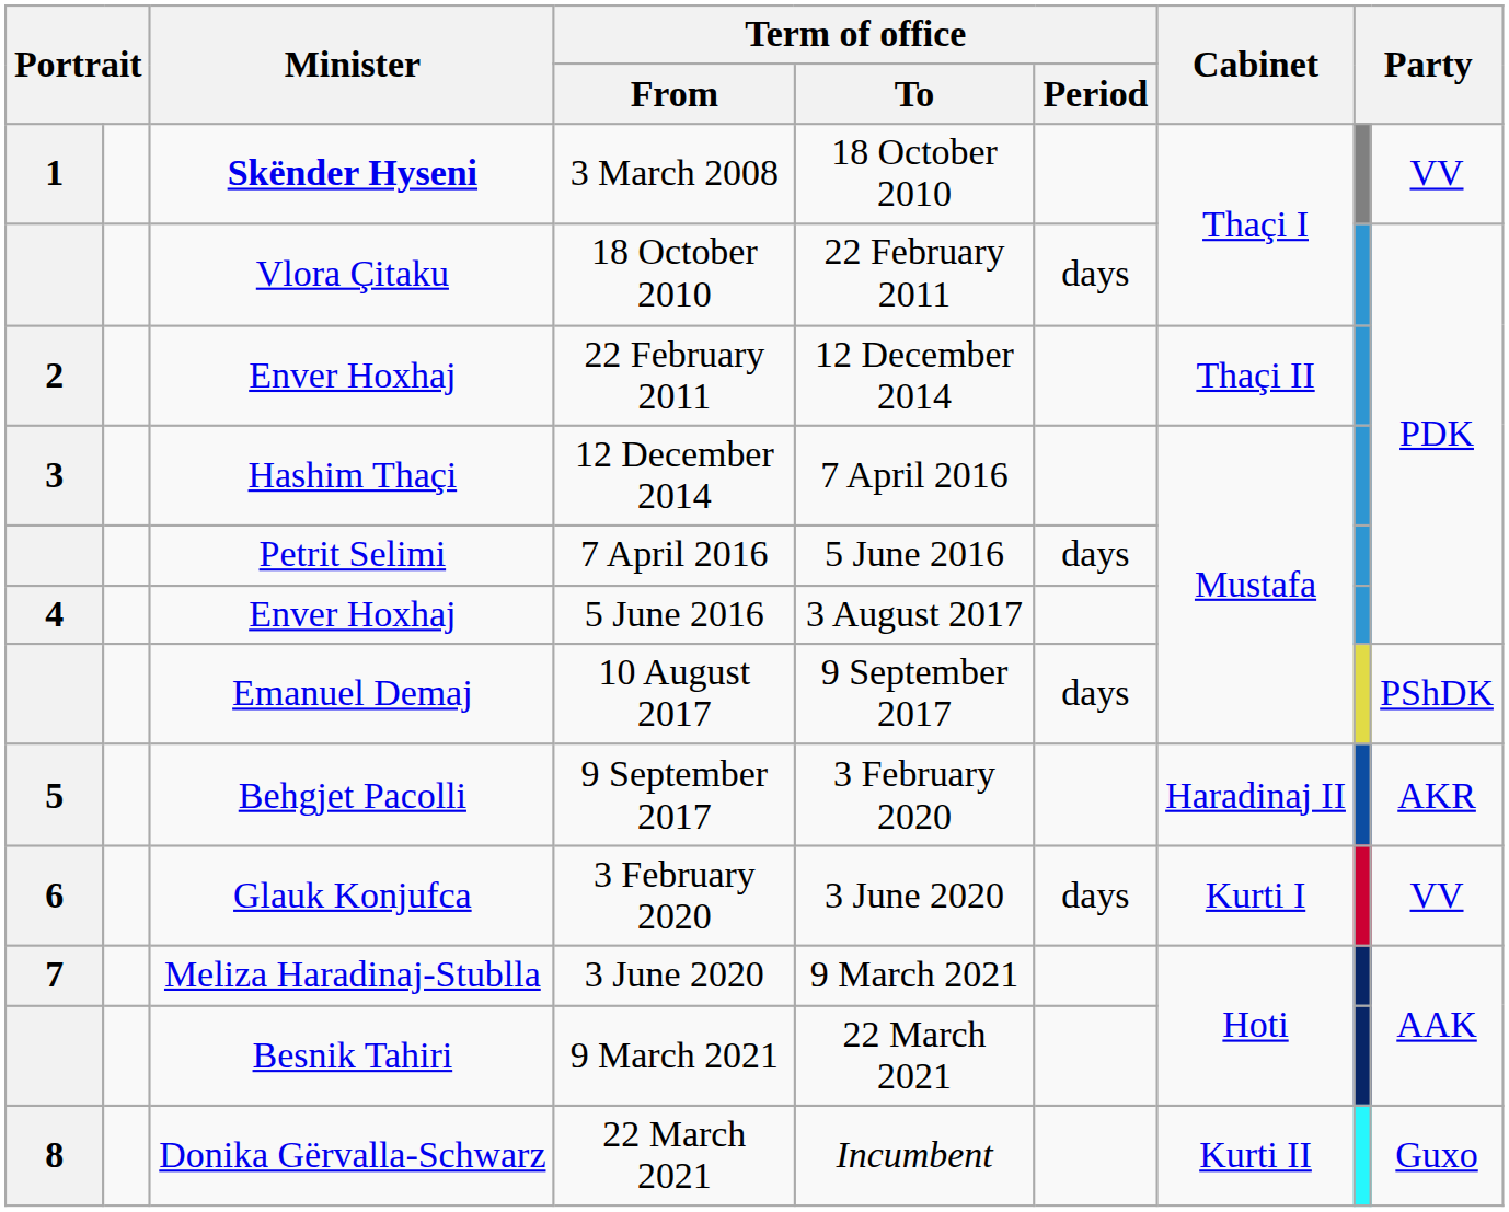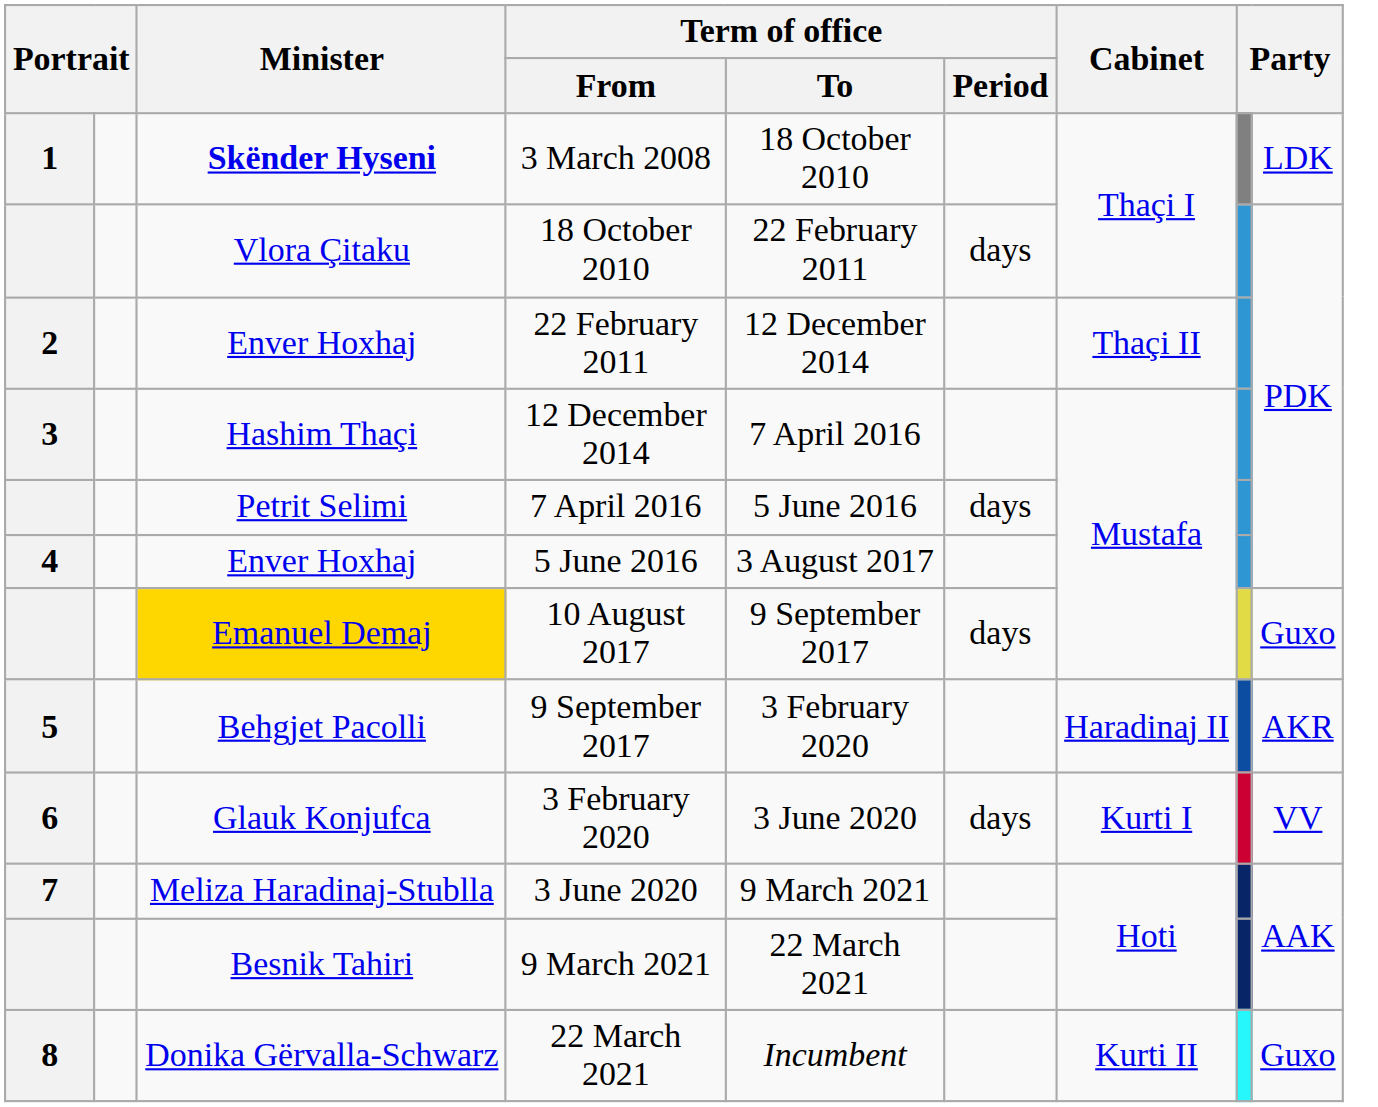 <table class="wikitable" style="text-align:center">
 <tr>
 <th rowspan="2" colspan="2">Portrait</th>
 <th rowspan="2">Minister</th>
 <th colspan="3">Term of office</th>
 <th rowspan="2" colspan="1">Cabinet</th>
 <th rowspan="2" colspan="2">Party</th>
 </tr>
 <tr>
 <th style="width:6em">From</th>
 <th style="width:6em">To</th>
 <th>Period</th>
 </tr>
 <tr>
 <th rowspan="1">1</th>
 <td></td>
 <td><strong><a href='#'>Skënder Hyseni</a></strong></td>
 <td>3 March 2008</td>
 <td>18 October 2010</td>
 <td></td>
 <td rowspan="2"><a href='#'>Thaçi I</a></td>
 <td style="background-color:Grey; color:white;"></td>
-<td><a href='#'>VV</a></td>
+<td><a href='#'>LDK</a></td>
 </tr>
 <tr>
 <th rowspan="1"></th>
 <td></td>
 <td><a href='#'>Vlora Çitaku</a></td>
 <td>18 October 2010</td>
 <td>22 February 2011</td>
 <td> days</td>
 <td style="background:#2e96d2"></td>
 <td rowspan="5"><a href='#'>PDK</a></td>
 </tr>
 <tr>
 <th rowspan="1">2</th>
 <td></td>
 <td><a href='#'>Enver Hoxhaj</a></td>
 <td>22 February 2011</td>
 <td>12 December 2014</td>
 <td></td>
 <td><a href='#'>Thaçi II</a></td>
 <td style="background:#2e96d2"></td>
 </tr>
 <tr>
 <th rowspan="1">3</th>
 <td></td>
 <td><a href='#'>Hashim Thaçi</a></td>
 <td>12 December 2014</td>
 <td>7 April 2016</td>
 <td></td>
 <td rowspan="4"><a href='#'>Mustafa</a></td>
 <td style="background:#2e96d2"></td>
 </tr>
 <tr>
 <th rowspan="1"></th>
 <td></td>
 <td><a href='#'>Petrit Selimi</a></td>
 <td>7 April 2016</td>
 <td>5 June  2016</td>
 <td> days</td>
 <td style="background:#2e96d2"></td>
 </tr>
 <tr>
 <th rowspan="1">4</th>
 <td></td>
 <td><a href='#'>Enver Hoxhaj</a></td>
 <td>5 June  2016</td>
 <td>3 August 2017</td>
 <td></td>
 <td style="background:#2e96d2"></td>
 </tr>
 <tr>
 <th rowspan="1"></th>
 <td></td>
-<td><a href='#'>Emanuel Demaj</a></td>
+<td style="background: gold;"><a href='#'>Emanuel Demaj</a></td>
 <td>10 August 2017</td>
 <td>9 September 2017</td>
 <td> days</td>
 <td style="background:#e1db46"></td>
-<td><a href='#'>PShDK</a></td>
+<td><a href='#'>Guxo</a></td>
 </tr>
 <tr>
 <th rowspan="1">5</th>
 <td></td>
 <td><a href='#'>Behgjet Pacolli</a></td>
 <td>9 September  2017</td>
 <td>3 February 2020</td>
 <td></td>
 <td><a href='#'>Haradinaj II</a></td>
 <td style="background:#0c4da2"></td>
 <td><a href='#'>AKR</a></td>
 </tr>
 <tr>
 <th rowspan="1">6</th>
 <td></td>
 <td><a href='#'>Glauk Konjufca</a></td>
 <td>3 February 2020</td>
 <td>3 June 2020</td>
 <td> days</td>
 <td><a href='#'>Kurti I</a></td>
 <td style="background:#CC0033"></td>
 <td><a href='#'>VV</a></td>
 </tr>
 <tr>
 <th rowspan="1">7</th>
 <td></td>
 <td><a href='#'>Meliza Haradinaj-Stublla</a></td>
 <td>3 June 2020</td>
 <td>9 March 2021</td>
 <td></td>
 <td rowspan="2"><a href='#'>Hoti</a></td>
 <td style="background:#082567"></td>
 <td rowspan="2"><a href='#'>AAK</a></td>
 </tr>
 <tr>
 <th rowspan="1"></th>
 <td></td>
 <td><a href='#'>Besnik Tahiri</a></td>
 <td>9 March 2021</td>
 <td>22 March 2021</td>
 <td></td>
 <td style="background:#082567"></td>
 </tr>
 <tr>
 <th rowspan="1">8</th>
 <td></td>
 <td><a href='#'>Donika Gërvalla-Schwarz</a></td>
 <td>22 March 2021</td>
 <td><em>Incumbent</em></td>
 <td></td>
 <td><a href='#'>Kurti II</a></td>
 <td style="background-color:#26F7FD"></td>
 <td><a href='#'>Guxo</a></td>
 </tr>
 </table>
